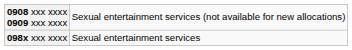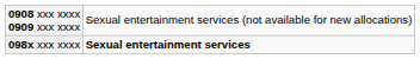 <table class="wikitable" style="width: auto; margin-left: 1.5em;">
 <tr>
 <th scope="row" style="font-weight: normal;"><strong>0908</strong> xxx xxxx<br><strong>0909</strong> xxx xxxx</th>
 <td>Sexual entertainment services (not available for new allocations)</td>
 </tr>
 <tr>
 <th scope="row" style="font-weight: normal;"><strong>098x</strong> xxx xxxx</th>
-<td>Sexual entertainment services</td>
+<td><strong>Sexual entertainment services</strong></td>
 </tr>
 </table>
